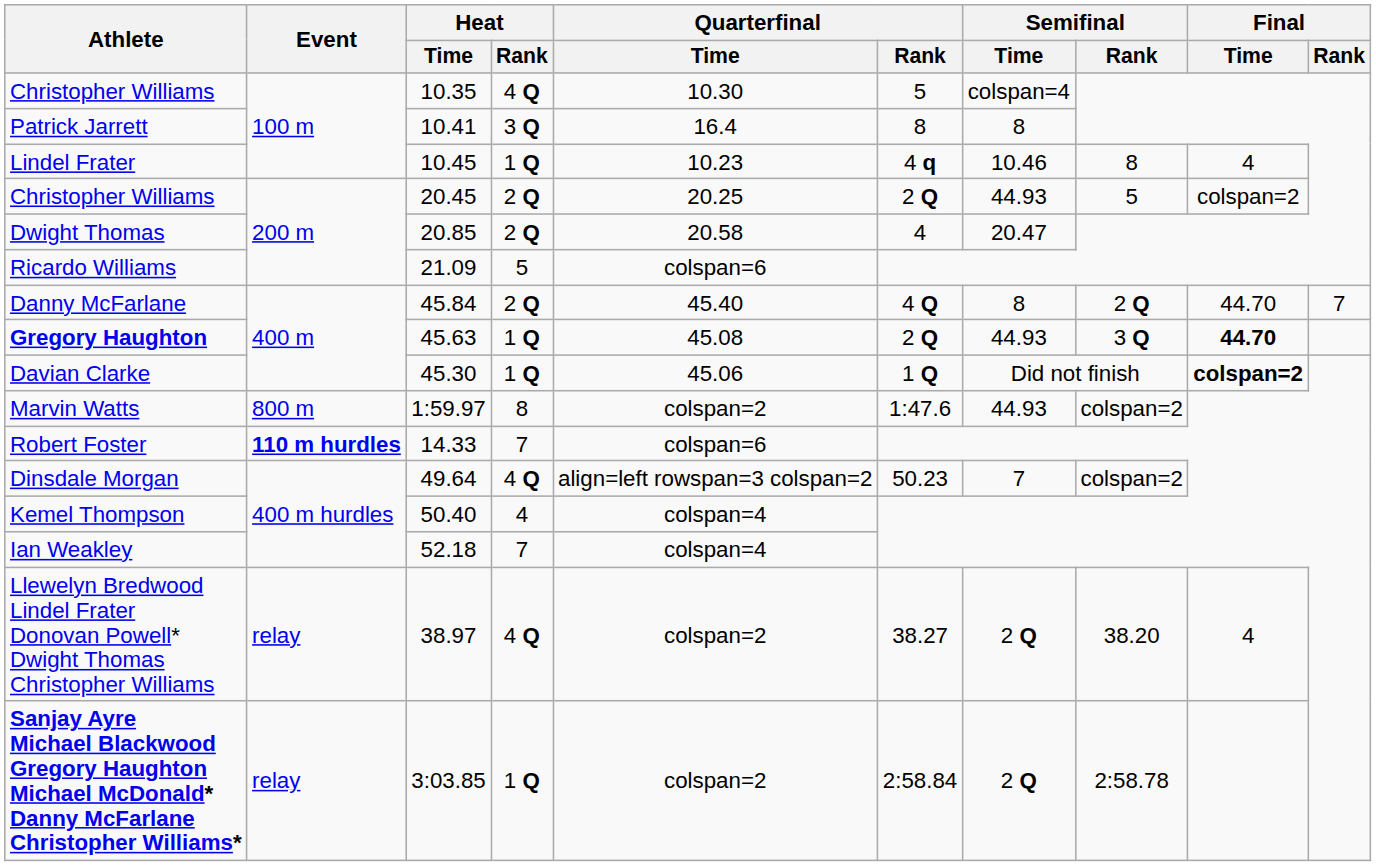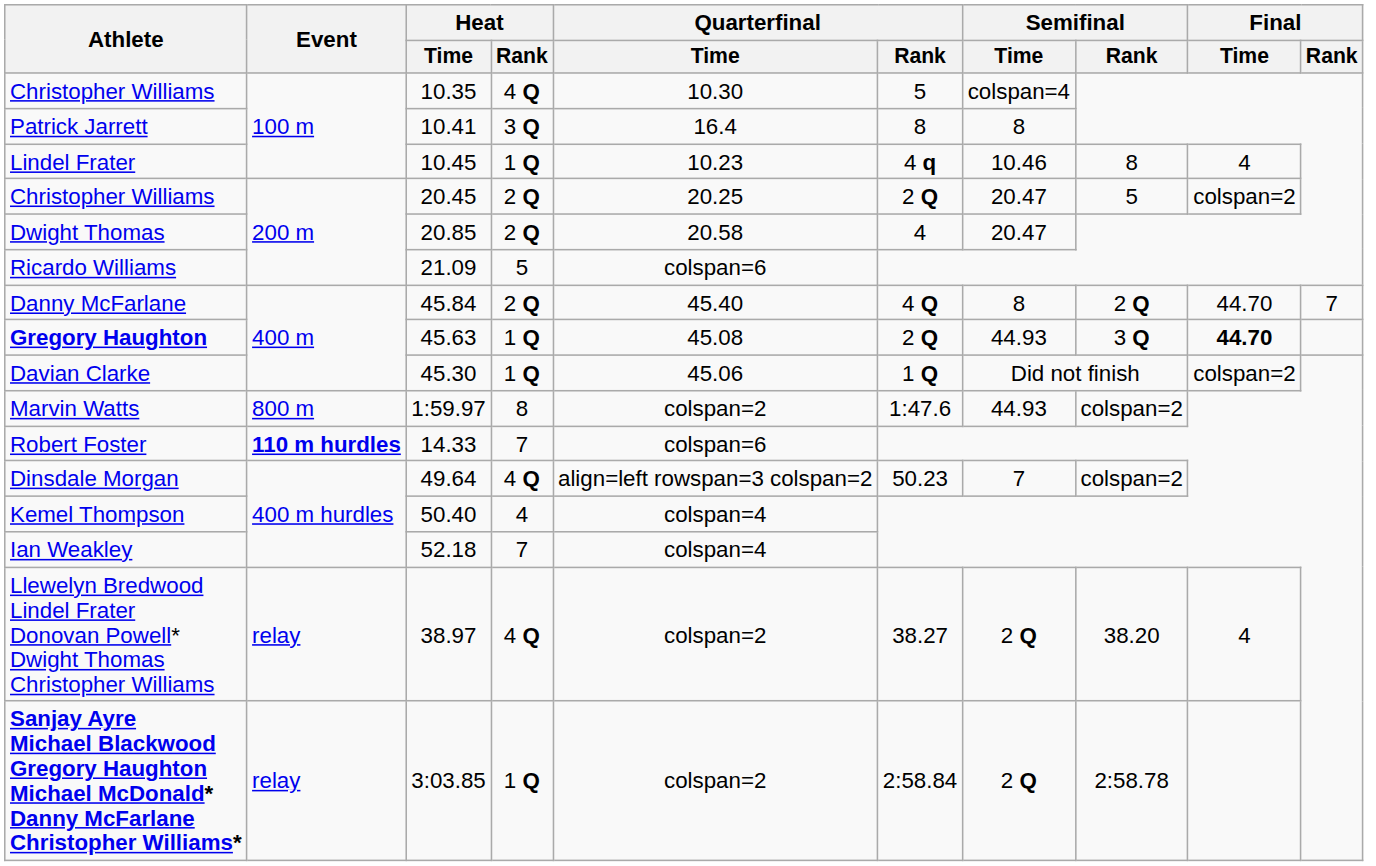 <table class=wikitable style=font-size:90%;text-align:center>
 <tr>
 <th rowspan=2>Athlete</th>
 <th rowspan=2>Event</th>
 <th colspan=2>Heat</th>
 <th colspan=2>Quarterfinal</th>
 <th colspan=2>Semifinal</th>
 <th colspan=2>Final</th>
 </tr>
 <tr style=font-size:95%>
 <th>Time</th>
 <th>Rank</th>
 <th>Time</th>
 <th>Rank</th>
 <th>Time</th>
 <th>Rank</th>
 <th>Time</th>
 <th>Rank</th>
 </tr>
 <tr>
 <td align=left><a href='#'>Christopher Williams</a></td>
 <td align=left rowspan=3><a href='#'>100 m</a></td>
 <td>10.35</td>
 <td>4 <strong>Q</strong></td>
 <td>10.30</td>
 <td>5</td>
 <td>colspan=4 </td>
 </tr>
 <tr>
 <td align=left><a href='#'>Patrick Jarrett</a></td>
 <td>10.41</td>
 <td>3 <strong>Q</strong></td>
 <td>16.4</td>
 <td>8</td>
 <td>8</td>
 </tr>
 <tr>
 <td align=left><a href='#'>Lindel Frater</a></td>
 <td>10.45</td>
 <td>1 <strong>Q</strong></td>
 <td>10.23</td>
 <td>4 <strong>q</strong></td>
 <td>10.46</td>
 <td>8</td>
 <td>4</td>
 </tr>
 <tr>
 <td align=left><a href='#'>Christopher Williams</a></td>
 <td align=left rowspan=3><a href='#'>200 m</a></td>
 <td>20.45</td>
 <td>2 <strong>Q</strong></td>
 <td>20.25</td>
 <td>2 <strong>Q</strong></td>
-<td>44.93</td>
+<td>20.47</td>
 <td>5</td>
 <td>colspan=2 </td>
 </tr>
 <tr>
 <td align=left><a href='#'>Dwight Thomas</a></td>
 <td>20.85</td>
 <td>2 <strong>Q</strong></td>
 <td>20.58</td>
 <td>4</td>
 <td>20.47</td>
 </tr>
 <tr>
 <td align=left><a href='#'>Ricardo Williams</a></td>
 <td>21.09</td>
 <td>5</td>
 <td>colspan=6 </td>
 </tr>
 <tr>
 <td align=left><a href='#'>Danny McFarlane</a></td>
 <td align=left rowspan=3><a href='#'>400 m</a></td>
 <td>45.84</td>
 <td>2 <strong>Q</strong></td>
 <td>45.40</td>
 <td>4 <strong>Q</strong></td>
 <td>8</td>
 <td>2 <strong>Q</strong></td>
 <td>44.70</td>
 <td>7</td>
 </tr>
 <tr>
 <td align=left><strong><a href='#'>Gregory Haughton</a></strong></td>
 <td>45.63</td>
 <td>1 <strong>Q</strong></td>
 <td>45.08</td>
 <td>2 <strong>Q</strong></td>
 <td>44.93</td>
 <td>3 <strong>Q</strong></td>
 <td><strong>44.70</strong></td>
 <td></td>
 </tr>
 <tr>
 <td align=left><a href='#'>Davian Clarke</a></td>
 <td>45.30</td>
 <td>1 <strong>Q</strong></td>
 <td>45.06</td>
 <td>1 <strong>Q</strong></td>
 <td colspan=2>Did not finish</td>
-<td><strong>colspan=2 </strong></td>
+<td>colspan=2 </td>
 </tr>
 <tr>
 <td align=left><a href='#'>Marvin Watts</a></td>
 <td align=left><a href='#'>800 m</a></td>
 <td>1:59.97</td>
 <td>8 <strong></strong></td>
 <td>colspan=2 </td>
 <td>1:47.6</td>
 <td>44.93</td>
 <td>colspan=2 </td>
 </tr>
 <tr>
 <td align=left><a href='#'>Robert Foster</a></td>
 <td align=left><strong><a href='#'>110 m hurdles</a></strong></td>
 <td>14.33</td>
 <td>7</td>
 <td>colspan=6 </td>
 </tr>
 <tr>
 <td align=left><a href='#'>Dinsdale Morgan</a></td>
 <td align=left rowspan=3><a href='#'>400 m hurdles</a></td>
 <td>49.64</td>
 <td>4 <strong>Q</strong></td>
 <td>align=left rowspan=3 colspan=2 </td>
 <td>50.23</td>
 <td>7</td>
 <td>colspan=2 </td>
 </tr>
 <tr>
 <td align=left><a href='#'>Kemel Thompson</a></td>
 <td>50.40</td>
 <td>4</td>
 <td>colspan=4 </td>
 </tr>
 <tr>
 <td align=left><a href='#'>Ian Weakley</a></td>
 <td>52.18</td>
 <td>7</td>
 <td>colspan=4 </td>
 </tr>
 <tr>
 <td align=left><a href='#'>Llewelyn Bredwood</a><br><a href='#'>Lindel Frater</a><br><a href='#'>Donovan Powell</a>*<br><a href='#'>Dwight Thomas</a><br><a href='#'>Christopher Williams</a></td>
 <td align=left><a href='#'> relay</a></td>
 <td>38.97</td>
 <td>4 <strong>Q</strong></td>
 <td>colspan=2 </td>
 <td>38.27</td>
 <td>2 <strong>Q</strong></td>
 <td>38.20</td>
 <td>4</td>
 </tr>
 <tr>
 <td align=left><strong><a href='#'>Sanjay Ayre</a><br><a href='#'>Michael Blackwood</a><br><a href='#'>Gregory Haughton</a><br><a href='#'>Michael McDonald</a>*<br><a href='#'>Danny McFarlane</a><br><a href='#'>Christopher Williams</a>*</strong></td>
 <td align=left><a href='#'> relay</a></td>
 <td>3:03.85</td>
 <td>1 <strong>Q</strong></td>
 <td>colspan=2 </td>
 <td>2:58.84</td>
 <td>2 <strong>Q</strong></td>
 <td>2:58.78</td>
 <td></td>
 </tr>
 </table>
